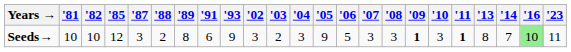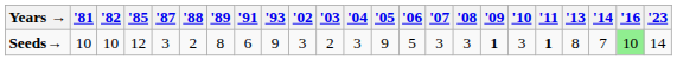 <table class="wikitable">
 <tr>
 <th>Years →</th>
 <th><a href='#'>'81</a></th>
 <th><a href='#'>'82</a></th>
 <th><a href='#'>'85</a></th>
 <th><a href='#'>'87</a></th>
 <th><a href='#'>'88</a></th>
 <th><a href='#'>'89</a></th>
 <th><a href='#'>'91</a></th>
 <th><a href='#'>'93</a></th>
 <th><a href='#'>'02</a></th>
 <th><a href='#'>'03</a></th>
 <th><a href='#'>'04</a></th>
 <th><a href='#'>'05</a></th>
 <th><a href='#'>'06</a></th>
 <th><a href='#'>'07</a></th>
 <th><a href='#'>'08</a></th>
 <th><a href='#'>'09</a></th>
 <th><a href='#'>'10</a></th>
 <th><a href='#'>'11</a></th>
 <th><a href='#'>'13</a></th>
 <th><a href='#'>'14</a></th>
 <th><a href='#'>'16</a></th>
 <th><a href='#'>'23</a></th>
 </tr>
 <tr align=center>
 <td align=left><strong>Seeds→</strong></td>
 <td>10</td>
 <td>10</td>
 <td>12</td>
 <td>3</td>
 <td>2</td>
 <td>8</td>
 <td>6</td>
 <td>9</td>
 <td>3</td>
 <td>2</td>
 <td>3</td>
 <td>9</td>
 <td>5</td>
 <td>3</td>
 <td>3</td>
 <td><strong>1</strong></td>
 <td>3</td>
 <td><strong>1</strong></td>
 <td>8</td>
 <td>7</td>
 <td style="background: lightgreen;">10</td>
-<td>11</td>
+<td>14</td>
 </tr>
 </table>
